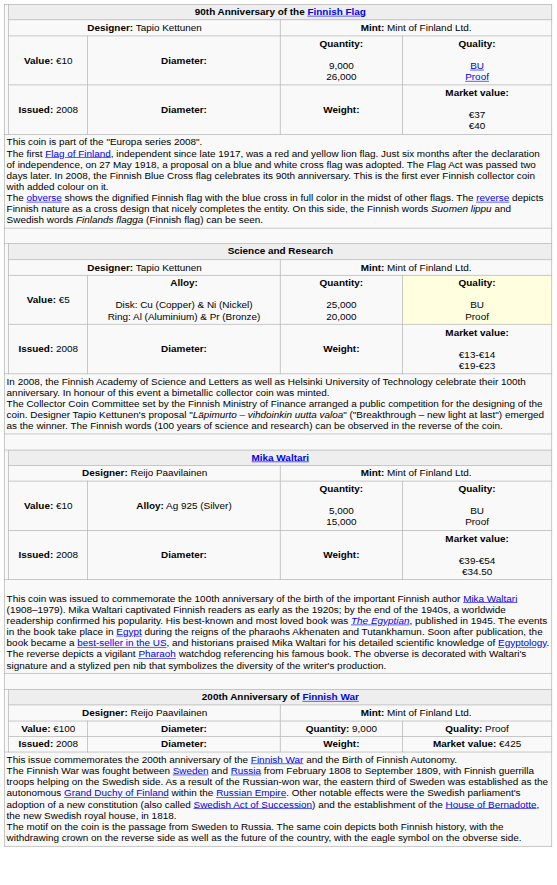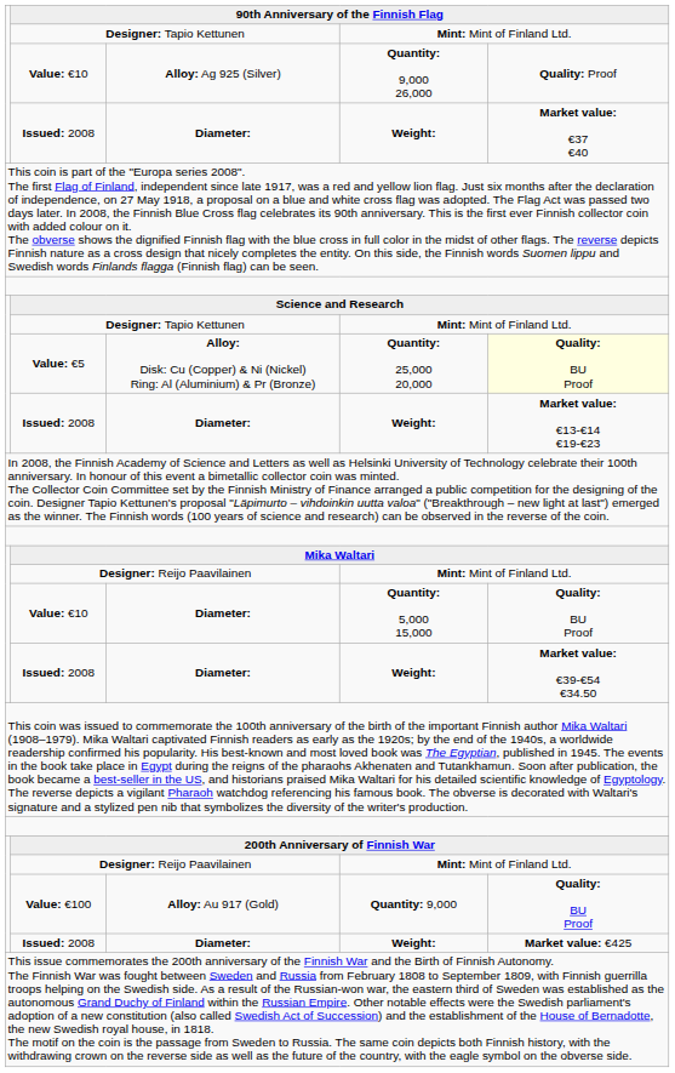 <table class="wikitable" style="width:100%;">
 <tr>
 <td rowspan="4"  style="white-space:nowrap; width:330px; text-align:center;"></td>
 <th colspan="4"  style="text-align:center; background:#eee;">90th Anniversary of the <a href='#'>Finnish Flag</a></th>
 </tr>
 <tr style="text-align:center;">
 <td colspan="2"  style="width:50%; "><strong>Designer:</strong> Tapio Kettunen</td>
 <td colspan="2"  style="width:50%; "><strong>Mint:</strong> Mint of Finland Ltd.</td>
 </tr>
 <tr>
 <td align=center><strong>Value:</strong> €10</td>
-<td align=center><strong>Diameter:</strong> </td>
+<td align=center><strong>Alloy:</strong> Ag 925 (Silver)</td>
 <td align=center><strong>Quantity:</strong> <br><br>9,000<br> 26,000</td>
-<td align=center><strong>Quality:</strong> <br><br><a href='#'>BU</a><br> <a href='#'>Proof</a></td>
+<td align=center><strong>Quality:</strong> Proof</td>
 </tr>
 <tr>
 <td align=center><strong>Issued:</strong> 2008</td>
 <td align=center><strong>Diameter:</strong> </td>
 <td align=center><strong>Weight:</strong> </td>
 <td align=center><strong>Market value:</strong> <br><br>€37 <br> €40</td>
 </tr>
 <tr>
 <td colspan="5" style="text-align:left;">This coin is part of the "Europa series 2008".<br>The first <a href='#'>Flag of Finland</a>, independent since late 1917, was a red and yellow lion flag. Just six months after the declaration of independence, on 27 May 1918, a proposal on a blue and white cross flag was adopted. The Flag Act was passed two days later. In 2008, the Finnish Blue Cross flag celebrates its 90th anniversary. This is the first ever Finnish collector coin with added colour on it.<br>The <a href='#'>obverse</a> shows the dignified Finnish flag with the blue cross in full color in the midst of other flags. The <a href='#'>reverse</a> depicts Finnish nature as a cross design that nicely completes the entity. On this side, the Finnish words <em>Suomen lippu</em> and Swedish words <em>Finlands flagga</em> (Finnish flag) can be seen.</td>
 </tr>
 <tr>
 <td colspan="5"> </td>
 </tr>
 <tr>
 <td rowspan="4"  style="white-space:nowrap; width:330px; text-align:center;"></td>
 <th colspan="4"  style="text-align:center; background:#eee;">Science and Research</th>
 </tr>
 <tr style="text-align:center;">
 <td colspan="2"  style="width:50%; "><strong>Designer:</strong> Tapio Kettunen</td>
 <td colspan="2"  style="width:50%; "><strong>Mint:</strong> Mint of Finland Ltd.</td>
 </tr>
 <tr>
 <td align=center><strong>Value:</strong> €5</td>
 <td align=center><strong>Alloy:</strong> <br><br>Disk: Cu (Copper) & Ni (Nickel) <br> Ring: Al (Aluminium) & Pr (Bronze)</td>
 <td align=center><strong>Quantity:</strong> <br><br>25,000<br> 20,000</td>
 <td align=center style="background: lightyellow;"><strong>Quality:</strong> <br><br>BU<br> Proof</td>
 </tr>
 <tr>
 <td align=center><strong>Issued:</strong> 2008</td>
 <td align=center><strong>Diameter:</strong> </td>
 <td align=center><strong>Weight:</strong> </td>
 <td align=center><strong>Market value:</strong> <br><br>€13-€14 <br> €19-€23</td>
 </tr>
 <tr>
 <td colspan="5" style="text-align:left;">In 2008, the Finnish Academy of Science and Letters as well as Helsinki University of Technology celebrate their 100th anniversary. In honour of this event a bimetallic collector coin was minted.<br>The Collector Coin Committee set by the Finnish Ministry of Finance arranged a public competition for the designing of the coin. Designer Tapio Kettunen's proposal "<em>Läpimurto – vihdoinkin uutta valoa</em>" ("Breakthrough – new light at last") emerged as the winner. The Finnish words <em></em> (100 years of science and research) can be observed in the reverse of the coin.</td>
 </tr>
 <tr>
 <td colspan="5"> </td>
 </tr>
 <tr>
 <td rowspan="4"  style="white-space:nowrap; width:330px; text-align:center;"></td>
 <th colspan="4"  style="text-align:center; background:#eee;"><a href='#'>Mika Waltari</a></th>
 </tr>
 <tr style="text-align:center;">
 <td colspan="2"  style="width:50%; "><strong>Designer:</strong> Reijo Paavilainen</td>
 <td colspan="2"  style="width:50%; "><strong>Mint:</strong> Mint of Finland Ltd.</td>
 </tr>
 <tr>
 <td align=center><strong>Value:</strong> €10</td>
-<td align=center><strong>Alloy:</strong> Ag 925 (Silver)</td>
+<td align=center><strong>Diameter:</strong> </td>
 <td align=center><strong>Quantity:</strong> <br><br>5,000<br> 15,000</td>
 <td align=center><strong>Quality:</strong> <br><br>BU<br> Proof</td>
 </tr>
 <tr>
 <td align=center><strong>Issued:</strong> 2008</td>
 <td align=center><strong>Diameter:</strong> </td>
 <td align=center><strong>Weight:</strong> </td>
 <td align=center><strong>Market value:</strong> <br><br>€39-€54 <br> €34.50</td>
 </tr>
 <tr>
 <td colspan="5" style="text-align:left;"><br>This coin was issued to commemorate the 100th anniversary of the birth of the important Finnish author <a href='#'>Mika Waltari</a> (1908–1979). Mika Waltari captivated Finnish readers as early as the 1920s; by the end of the 1940s, a worldwide readership confirmed his popularity. His best-known and most loved book was <em><a href='#'>The Egyptian</a></em>, published in 1945. The events in the book take place in <a href='#'>Egypt</a> during the reigns of the pharaohs Akhenaten and Tutankhamun. Soon after publication, the book became a <a href='#'>best-seller in the US</a>, and historians praised Mika Waltari for his detailed scientific knowledge of <a href='#'>Egyptology</a>.<br>The reverse depicts a vigilant <a href='#'>Pharaoh</a> watchdog referencing his famous book. The obverse is decorated with Waltari's signature and a stylized pen nib that symbolizes the diversity of the writer's production.</td>
 </tr>
 <tr>
 <td colspan="5"> </td>
 </tr>
 <tr>
 <td rowspan="4"  style="white-space:nowrap; width:330px; text-align:center;"></td>
 <th colspan="4"  style="text-align:center; background:#eee;">200th Anniversary of <a href='#'>Finnish War</a></th>
 </tr>
 <tr style="text-align:center;">
 <td colspan="2"  style="width:50%; "><strong>Designer:</strong> Reijo Paavilainen</td>
 <td colspan="2"  style="width:50%; "><strong>Mint:</strong> Mint of Finland Ltd.</td>
 </tr>
 <tr>
 <td align=center><strong>Value:</strong> €100</td>
-<td align=center><strong>Diameter:</strong> </td>
+<td align=center><strong>Alloy:</strong> Au 917 (Gold)</td>
 <td align=center><strong>Quantity:</strong> 9,000</td>
-<td align=center><strong>Quality:</strong> Proof</td>
+<td align=center><strong>Quality:</strong> <br><br><a href='#'>BU</a><br> <a href='#'>Proof</a></td>
 </tr>
 <tr>
 <td align=center><strong>Issued:</strong> 2008</td>
 <td align=center><strong>Diameter:</strong> </td>
 <td align=center><strong>Weight:</strong> </td>
 <td align=center><strong>Market value:</strong> €425</td>
 </tr>
 <tr>
 <td colspan="5" style="text-align:left;">This issue commemorates the 200th anniversary of the <a href='#'>Finnish War</a> and the Birth of Finnish Autonomy.<br>The Finnish War was fought between <a href='#'>Sweden</a> and <a href='#'>Russia</a> from February 1808 to September 1809, with Finnish guerrilla troops helping on the Swedish side. As a result of the Russian-won war, the eastern third of Sweden was established as the autonomous <a href='#'>Grand Duchy of Finland</a> within the <a href='#'>Russian Empire</a>. Other notable effects were the Swedish parliament's adoption of a new constitution (also called <a href='#'>Swedish Act of Succession</a>) and the establishment of the <a href='#'>House of Bernadotte</a>, the new Swedish royal house, in 1818.<br>The motif on the coin is the passage from Sweden to Russia. The same coin depicts both Finnish history, with the withdrawing crown on the reverse side as well as the future of the country, with the eagle symbol on the obverse side.</td>
 </tr>
 </table>
